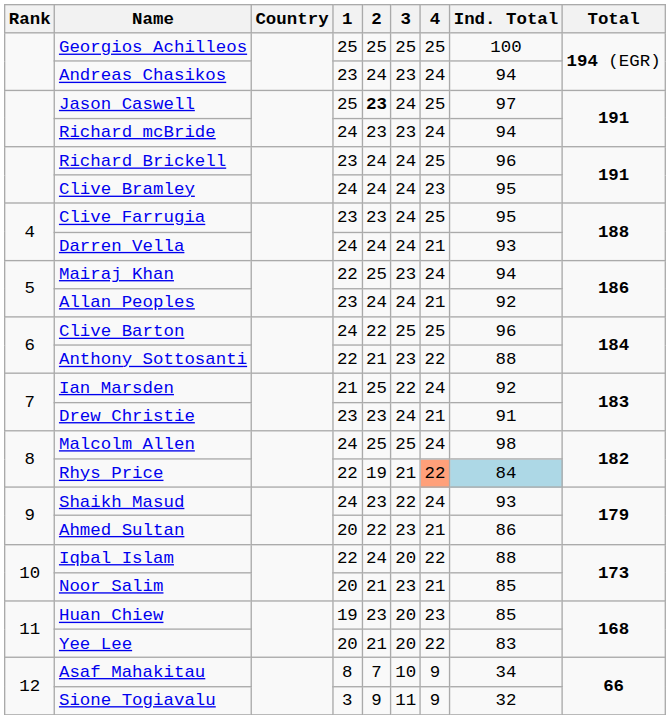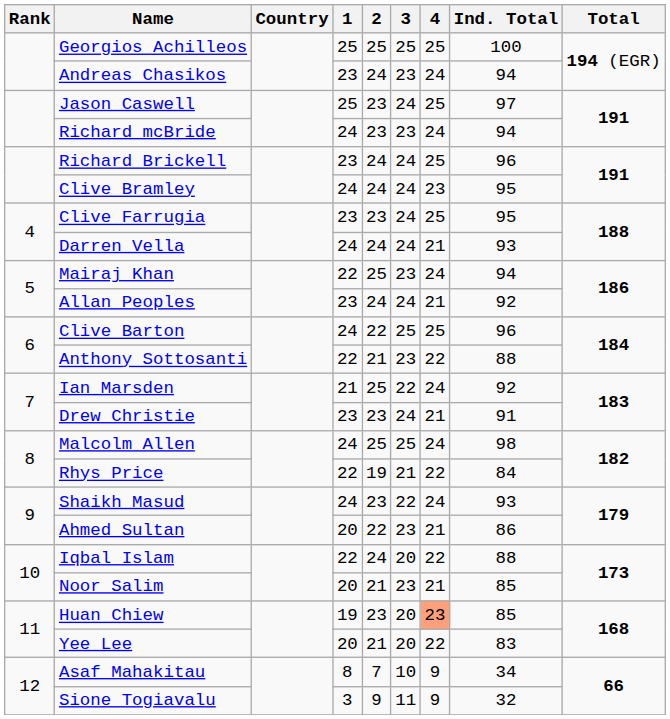 <table class="wikitable sortable" style="text-align:center;">
 <tr>
 <th>Rank</th>
 <th>Name</th>
 <th>Country</th>
 <th>1</th>
 <th>2</th>
 <th>3</th>
 <th>4</th>
 <th>Ind. Total</th>
 <th>Total</th>
 </tr>
 <tr>
 <td rowspan=2></td>
 <td align=left><a href='#'>Georgios Achilleos</a></td>
 <td rowspan=2></td>
 <td>25</td>
 <td>25</td>
 <td>25</td>
 <td>25</td>
 <td>100</td>
 <td rowspan=2><strong>194</strong> (EGR)</td>
 </tr>
 <tr>
 <td align=left><a href='#'>Andreas Chasikos</a></td>
 <td>23</td>
 <td>24</td>
 <td>23</td>
 <td>24</td>
 <td>94</td>
 </tr>
 <tr>
 <td rowspan=2></td>
 <td align=left><a href='#'>Jason Caswell</a></td>
 <td rowspan=2></td>
 <td>25</td>
-<td><strong>23</strong></td>
+<td>23</td>
 <td>24</td>
 <td>25</td>
 <td>97</td>
 <td rowspan=2><strong>191</strong></td>
 </tr>
 <tr>
 <td align=left><a href='#'>Richard mcBride</a></td>
 <td>24</td>
 <td>23</td>
 <td>23</td>
 <td>24</td>
 <td>94</td>
 </tr>
 <tr>
 <td rowspan=2></td>
 <td align=left><a href='#'>Richard Brickell</a></td>
 <td rowspan=2></td>
 <td>23</td>
 <td>24</td>
 <td>24</td>
 <td>25</td>
 <td>96</td>
 <td rowspan=2><strong>191</strong></td>
 </tr>
 <tr>
 <td align=left><a href='#'>Clive Bramley</a></td>
 <td>24</td>
 <td>24</td>
 <td>24</td>
 <td>23</td>
 <td>95</td>
 </tr>
 <tr>
 <td rowspan=2>4</td>
 <td align=left><a href='#'>Clive Farrugia</a></td>
 <td rowspan=2></td>
 <td>23</td>
 <td>23</td>
 <td>24</td>
 <td>25</td>
 <td>95</td>
 <td rowspan=2><strong>188</strong></td>
 </tr>
 <tr>
 <td align=left><a href='#'>Darren Vella</a></td>
 <td>24</td>
 <td>24</td>
 <td>24</td>
 <td>21</td>
 <td>93</td>
 </tr>
 <tr>
 <td rowspan=2>5</td>
 <td align=left><a href='#'>Mairaj Khan</a></td>
 <td rowspan=2></td>
 <td>22</td>
 <td>25</td>
 <td>23</td>
 <td>24</td>
 <td>94</td>
 <td rowspan=2><strong>186</strong></td>
 </tr>
 <tr>
 <td align=left><a href='#'>Allan Peoples</a></td>
 <td>23</td>
 <td>24</td>
 <td>24</td>
 <td>21</td>
 <td>92</td>
 </tr>
 <tr>
 <td rowspan=2>6</td>
 <td align=left><a href='#'>Clive Barton</a></td>
 <td rowspan=2></td>
 <td>24</td>
 <td>22</td>
 <td>25</td>
 <td>25</td>
 <td>96</td>
 <td rowspan=2><strong>184</strong></td>
 </tr>
 <tr>
 <td align=left><a href='#'>Anthony Sottosanti</a></td>
 <td>22</td>
 <td>21</td>
 <td>23</td>
 <td>22</td>
 <td>88</td>
 </tr>
 <tr>
 <td rowspan=2>7</td>
 <td align=left><a href='#'>Ian Marsden</a></td>
 <td rowspan=2></td>
 <td>21</td>
 <td>25</td>
 <td>22</td>
 <td>24</td>
 <td>92</td>
 <td rowspan=2><strong>183</strong></td>
 </tr>
 <tr>
 <td align=left><a href='#'>Drew Christie</a></td>
 <td>23</td>
 <td>23</td>
 <td>24</td>
 <td>21</td>
 <td>91</td>
 </tr>
 <tr>
 <td rowspan=2>8</td>
 <td align=left><a href='#'>Malcolm Allen</a></td>
 <td rowspan=2></td>
 <td>24</td>
 <td>25</td>
 <td>25</td>
 <td>24</td>
 <td>98</td>
 <td rowspan=2><strong>182</strong></td>
 </tr>
 <tr>
 <td align=left><a href='#'>Rhys Price</a></td>
 <td>22</td>
 <td>19</td>
 <td>21</td>
-<td style="background: lightsalmon;">22</td>
-<td style="background: lightblue;">84</td>
+<td>22</td>
+<td>84</td>
 </tr>
 <tr>
 <td rowspan=2>9</td>
 <td align=left><a href='#'>Shaikh Masud</a></td>
 <td rowspan=2></td>
 <td>24</td>
 <td>23</td>
 <td>22</td>
 <td>24</td>
 <td>93</td>
 <td rowspan=2><strong>179</strong></td>
 </tr>
 <tr>
 <td align=left><a href='#'>Ahmed Sultan</a></td>
 <td>20</td>
 <td>22</td>
 <td>23</td>
 <td>21</td>
 <td>86</td>
 </tr>
 <tr>
 <td rowspan=2>10</td>
 <td align=left><a href='#'>Iqbal Islam</a></td>
 <td rowspan=2></td>
 <td>22</td>
 <td>24</td>
 <td>20</td>
 <td>22</td>
 <td>88</td>
 <td rowspan=2><strong>173</strong></td>
 </tr>
 <tr>
 <td align=left><a href='#'>Noor Salim</a></td>
 <td>20</td>
 <td>21</td>
 <td>23</td>
 <td>21</td>
 <td>85</td>
 </tr>
 <tr>
 <td rowspan=2>11</td>
 <td align=left><a href='#'>Huan Chiew</a></td>
 <td rowspan=2></td>
 <td>19</td>
 <td>23</td>
 <td>20</td>
-<td>23</td>
+<td style="background: lightsalmon;">23</td>
 <td>85</td>
 <td rowspan=2><strong>168</strong></td>
 </tr>
 <tr>
 <td align=left><a href='#'>Yee Lee</a></td>
 <td>20</td>
 <td>21</td>
 <td>20</td>
 <td>22</td>
 <td>83</td>
 </tr>
 <tr>
 <td rowspan=2>12</td>
 <td align=left><a href='#'>Asaf Mahakitau</a></td>
 <td rowspan=2></td>
 <td>8</td>
 <td>7</td>
 <td>10</td>
 <td>9</td>
 <td>34</td>
 <td rowspan=2><strong>66</strong></td>
 </tr>
 <tr>
 <td align=left><a href='#'>Sione Togiavalu</a></td>
 <td>3</td>
 <td>9</td>
 <td>11</td>
 <td>9</td>
 <td>32</td>
 </tr>
 </table>
